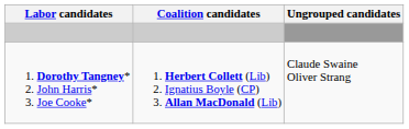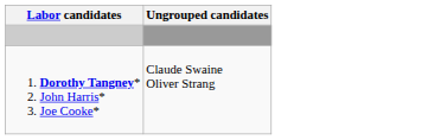 <table class="wikitable">
 <tr>
 <th><a href='#'>Labor</a> candidates</th>
-<th><a href='#'>Coalition</a> candidates</th>
 <th>Ungrouped candidates</th>
 </tr>
 <tr bgcolor="#cccccc">
-<td></td>
 <td></td>
 <td bgcolor="#999999"> </td>
 </tr>
 <tr>
 <td><br><ol><li><strong><a href='#'>Dorothy Tangney</a></strong>*</li><li><a href='#'>John Harris</a>*</li><li><a href='#'>Joe Cooke</a>*</li></ol></td>
-<td valign=top><br><ol><li><strong><a href='#'>Herbert Collett</a></strong> (<a href='#'>Lib</a>)</li><li><a href='#'>Ignatius Boyle</a> (<a href='#'>CP</a>)</li><li><strong><a href='#'>Allan MacDonald</a></strong> (<a href='#'>Lib</a>)</li></ol></td>
 <td valign=top><br>Claude Swaine<br> Oliver Strang</td>
 </tr>
 </table>
